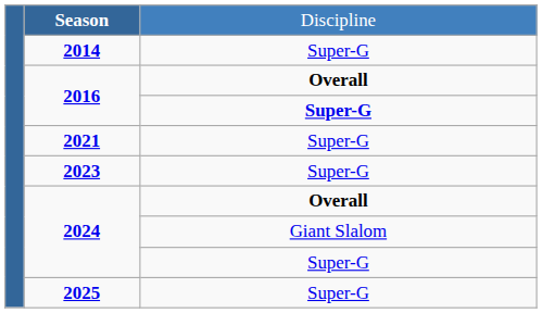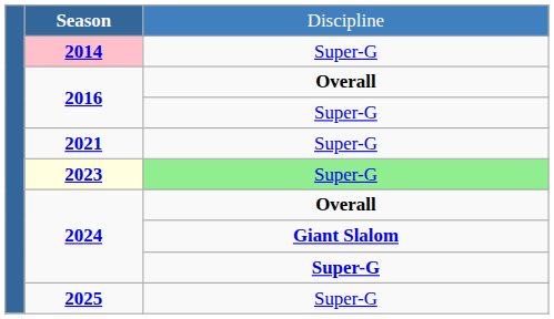 <table class="wikitable"  style="font-size:95%; text-align:center; border:gray solid 1px; width:35%;">
 <tr style="background:#369; color:white;">
 <td rowspan="11" style="width:1%;"></td>
 <td rowspan="2" style="width:5%;"><strong>Season</strong></td>
 </tr>
 <tr style="background:#4180be; color:white;">
 <td style="width:25%;">Discipline</td>
 </tr>
 <tr>
-<td><strong><a href='#'>2014</a></strong></td>
+<td style="background: pink;"><strong><a href='#'>2014</a></strong></td>
 <td><a href='#'>Super-G</a></td>
 </tr>
 <tr>
 <td rowspan="2"><strong><a href='#'>2016</a></strong></td>
 <td><strong>Overall</strong></td>
 </tr>
 <tr>
-<td><strong><a href='#'>Super-G</a></strong></td>
+<td><a href='#'>Super-G</a></td>
 </tr>
 <tr>
 <td><strong><a href='#'>2021</a></strong></td>
 <td><a href='#'>Super-G</a></td>
 </tr>
 <tr>
-<td><strong><a href='#'>2023</a></strong></td>
-<td><a href='#'>Super-G</a></td>
+<td style="background: lightyellow;"><strong><a href='#'>2023</a></strong></td>
+<td style="background: lightgreen;"><a href='#'>Super-G</a></td>
 </tr>
 <tr>
 <td rowspan="3"><strong><a href='#'>2024</a></strong></td>
 <td><strong>Overall</strong></td>
 </tr>
 <tr>
-<td><a href='#'>Giant Slalom</a></td>
+<td><strong><a href='#'>Giant Slalom</a></strong></td>
 </tr>
 <tr>
-<td><a href='#'>Super-G</a></td>
+<td><strong><a href='#'>Super-G</a></strong></td>
 </tr>
 <tr>
 <td><strong><a href='#'>2025</a></strong></td>
 <td><a href='#'>Super-G</a></td>
 </tr>
 </table>
